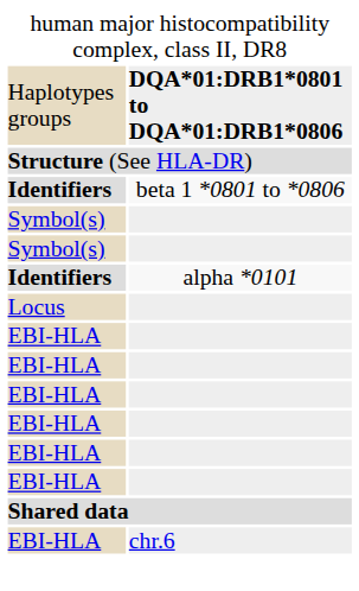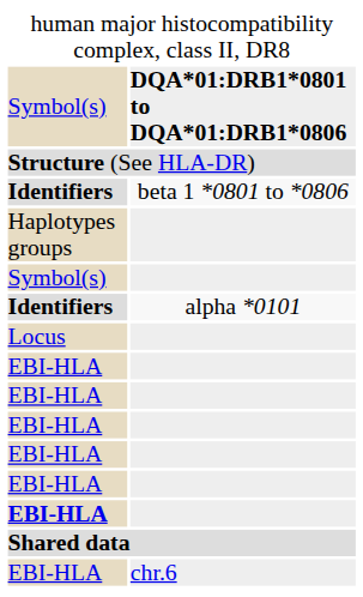 <table id="drugInfoBox" style="float: right; clear: right; margin: 0 0 0.5em 1em; background: #ffffff;" class="toccolours" border=0 cellpadding=0 align=right width="240px">
 <tr>
 <td align="center" colspan="2"></td>
 </tr>
 <tr>
 <td align="center" colspan="2"><div>human major histocompatibility complex, class II, DR8</div></td>
 </tr>
 <tr>
-<td bgcolor="#e7dcc3">Haplotypes groups</td>
+<td bgcolor="#e7dcc3"><a href='#'>Symbol(s)</a></td>
 <td bgcolor="#eeeeee"><strong>DQA*01:DRB1*0801 to<br>DQA*01:DRB1*0806</strong></td>
 </tr>
 <tr>
 <td colspan="2" bgcolor="#dddddd"><strong>Structure</strong> (See <a href='#'>HLA-DR</a>)</td>
 </tr>
 <tr style="background:#f8f8f8">
 <td bgcolor="#dddddd"><strong>Identifiers</strong></td>
 <td align="center"><div>beta 1 <em>*0801</em> to <em>*0806</em></div></td>
 </tr>
 <tr>
-<td bgcolor="#e7dcc3"><a href='#'>Symbol(s)</a></td>
+<td bgcolor="#e7dcc3">Haplotypes groups</td>
 <td bgcolor="#eeeeee"></td>
 </tr>
 <tr>
 <td bgcolor="#e7dcc3"><a href='#'>Symbol(s)</a></td>
 <td bgcolor="#eeeeee"></td>
 </tr>
 <tr style="background:#f8f8f8">
 <td bgcolor="#dddddd"><strong>Identifiers</strong></td>
 <td align="center"><div>alpha <em>*0101</em></div></td>
 </tr>
 <tr>
 <td bgcolor="#e7dcc3"><a href='#'>Locus</a></td>
 <td bgcolor="#eeeeee"></td>
 </tr>
 <tr>
 <td bgcolor="#e7dcc3"><a href='#'>EBI-HLA</a></td>
 <td bgcolor="#eeeeee"></td>
 </tr>
 <tr>
 <td bgcolor="#e7dcc3"><a href='#'>EBI-HLA</a></td>
 <td bgcolor="#eeeeee"></td>
 </tr>
 <tr>
 <td bgcolor="#e7dcc3"><a href='#'>EBI-HLA</a></td>
 <td bgcolor="#eeeeee"></td>
 </tr>
 <tr>
 <td bgcolor="#e7dcc3"><a href='#'>EBI-HLA</a></td>
 <td bgcolor="#eeeeee"></td>
 </tr>
 <tr>
 <td bgcolor="#e7dcc3"><a href='#'>EBI-HLA</a></td>
 <td bgcolor="#eeeeee"></td>
 </tr>
 <tr>
-<td bgcolor="#e7dcc3"><a href='#'>EBI-HLA</a></td>
+<td bgcolor="#e7dcc3"><strong><a href='#'>EBI-HLA</a></strong></td>
 <td bgcolor="#eeeeee"></td>
 </tr>
 <tr>
 <td colspan="2" bgcolor="#dddddd"><strong>Shared data</strong></td>
 </tr>
 <tr>
 <td bgcolor="#e7dcc3"><a href='#'>EBI-HLA</a></td>
 <td bgcolor="#eeeeee"><a href='#'>chr.6</a> <em></em></td>
 </tr>
 <tr>
 </tr>
 </table>
